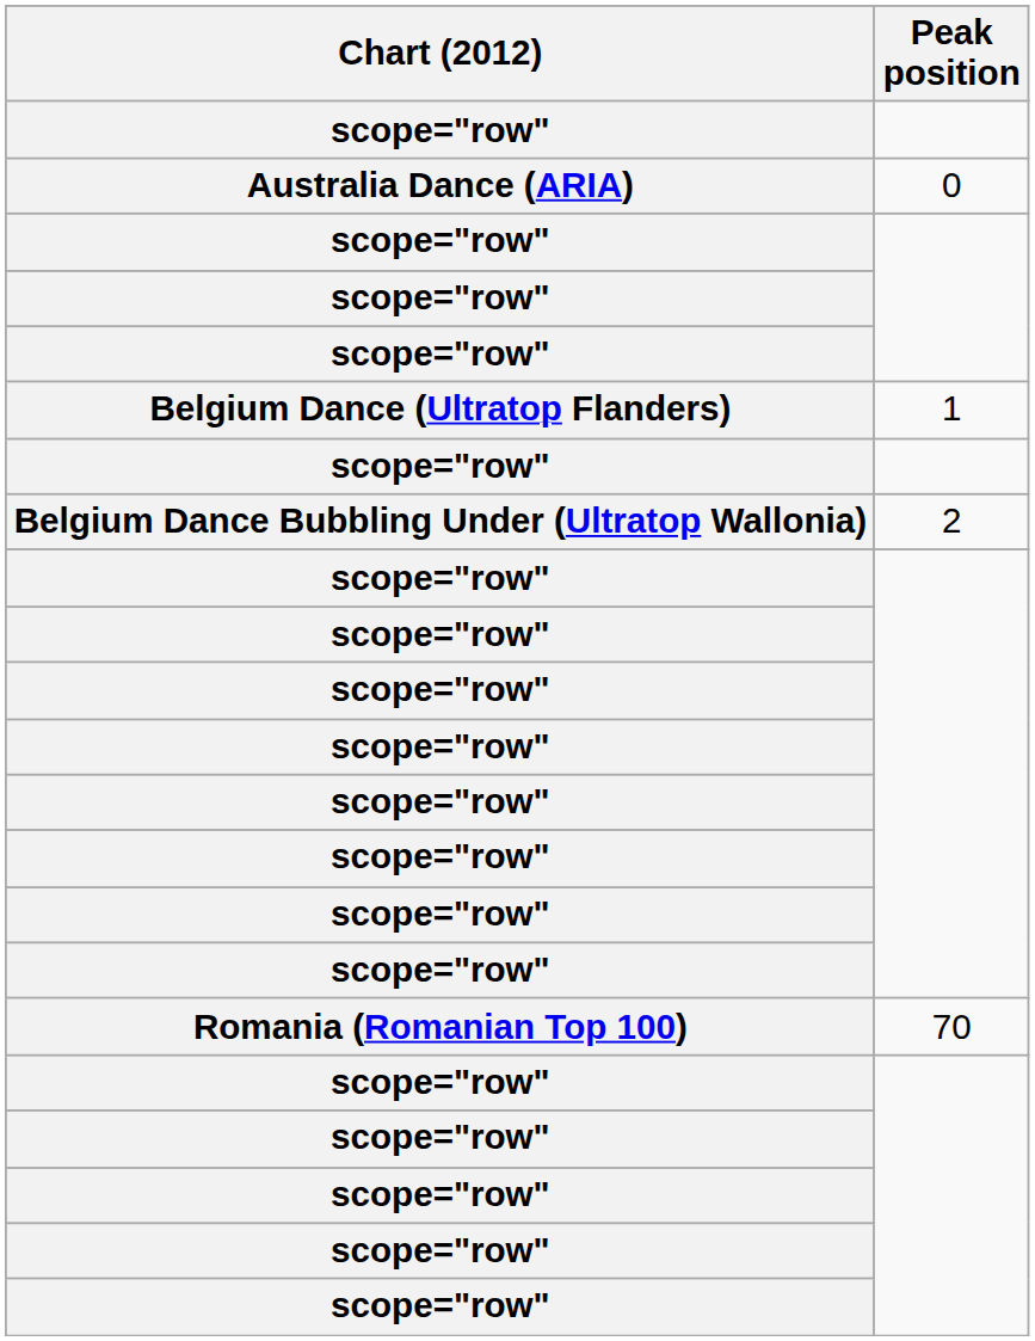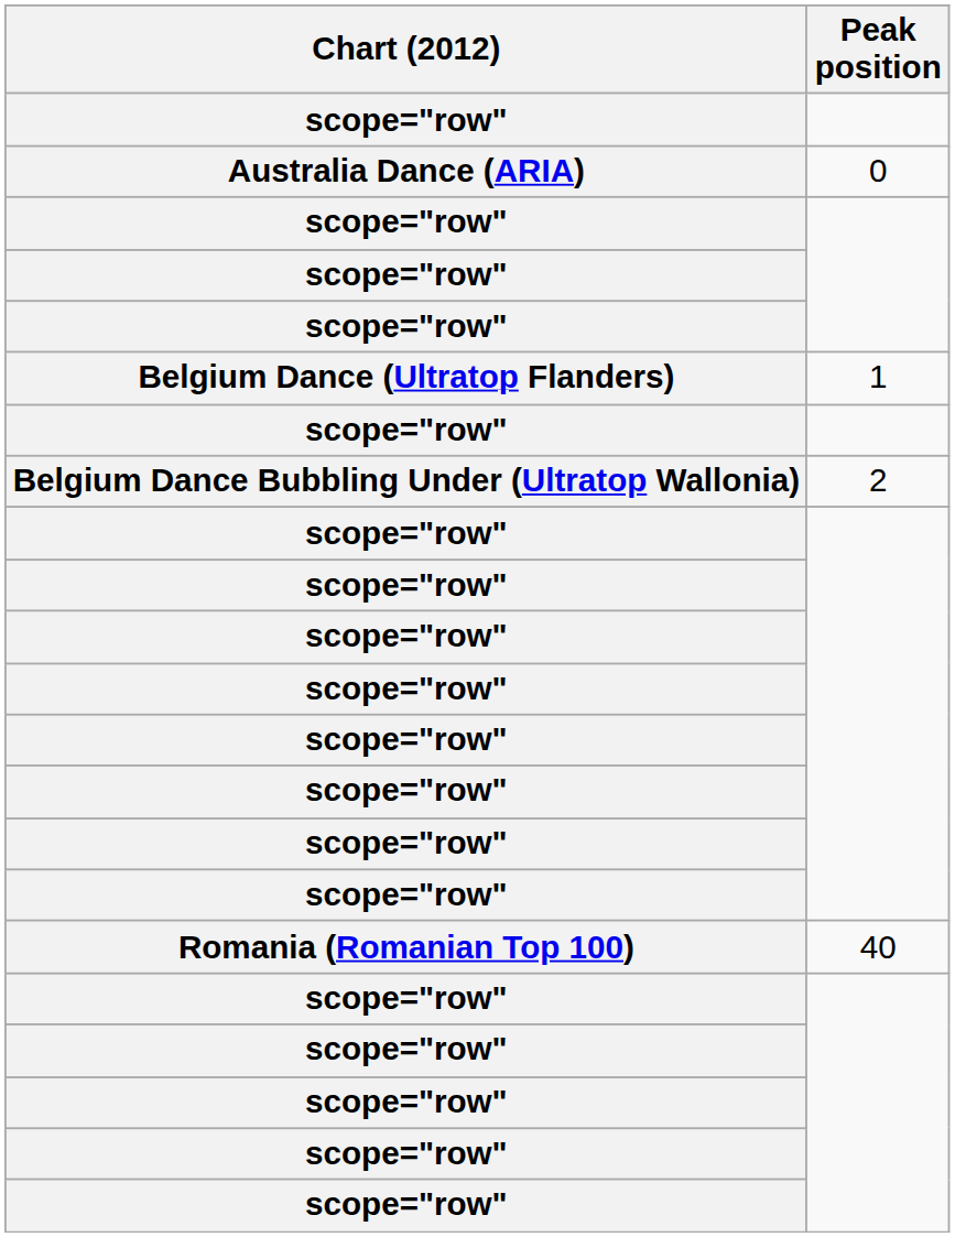 <table class="wikitable sortable plainrowheaders" style="text-align:center;">
 <tr>
 <th scope="col">Chart (2012)</th>
 <th scope="col">Peak<br>position</th>
 </tr>
 <tr>
 <th>scope="row"</th>
 </tr>
 <tr>
 <th scope="row">Australia Dance (<a href='#'>ARIA</a>)</th>
 <td>0</td>
 </tr>
 <tr>
 <th>scope="row"</th>
 </tr>
 <tr>
 <th>scope="row"</th>
 </tr>
 <tr>
 <th>scope="row"</th>
 </tr>
 <tr>
 <th scope="row">Belgium Dance (<a href='#'>Ultratop</a> Flanders)</th>
 <td>1</td>
 </tr>
 <tr>
 <th>scope="row"</th>
 </tr>
 <tr>
 <th scope="row">Belgium Dance Bubbling Under (<a href='#'>Ultratop</a> Wallonia)</th>
 <td align=center>2</td>
 </tr>
 <tr>
 <th>scope="row"</th>
 </tr>
 <tr>
 <th>scope="row"</th>
 </tr>
 <tr>
 <th>scope="row"</th>
 </tr>
 <tr>
 <th>scope="row"</th>
 </tr>
 <tr>
 <th>scope="row"</th>
 </tr>
 <tr>
 <th>scope="row"</th>
 </tr>
 <tr>
 <th>scope="row"</th>
 </tr>
 <tr>
 <th>scope="row"</th>
 </tr>
 <tr>
 <th scope="row">Romania (<a href='#'>Romanian Top 100</a>)</th>
-<td style="text-align:center;">70</td>
+<td style="text-align:center;">40</td>
 </tr>
 <tr>
 <th>scope="row"</th>
 </tr>
 <tr>
 <th>scope="row"</th>
 </tr>
 <tr>
 <th>scope="row"</th>
 </tr>
 <tr>
 <th>scope="row"</th>
 </tr>
 <tr>
 <th>scope="row"</th>
 </tr>
 </table>
